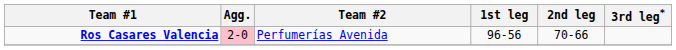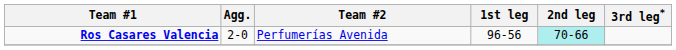 <table class=wikitable style="text-align:center">
 <tr>
 <th width=240>Team #1</th>
 <th width=20>Agg.</th>
 <th width=240>Team #2</th>
 <th width=70>1st leg</th>
 <th width=70>2nd leg</th>
 <th width=70>3rd leg<sup>*</sup></th>
 </tr>
 <tr>
 <td align=right><strong><a href='#'>Ros Casares Valencia</a></strong></td>
-<td style="background: pink;">2-0</td>
+<td>2-0</td>
 <td align=left><a href='#'>Perfumerías Avenida</a></td>
 <td>96-56</td>
-<td>70-66</td>
+<td style="background: paleturquoise;">70-66</td>
 <td></td>
 </tr>
 <tr>
 </tr>
 </table>
